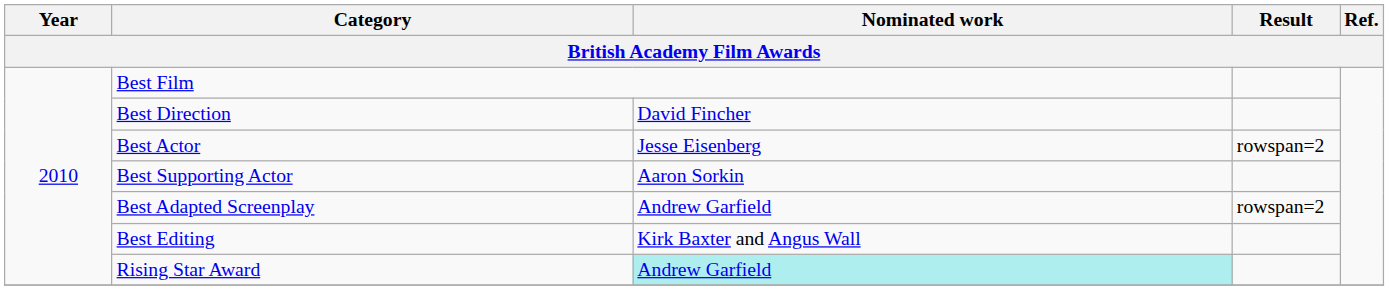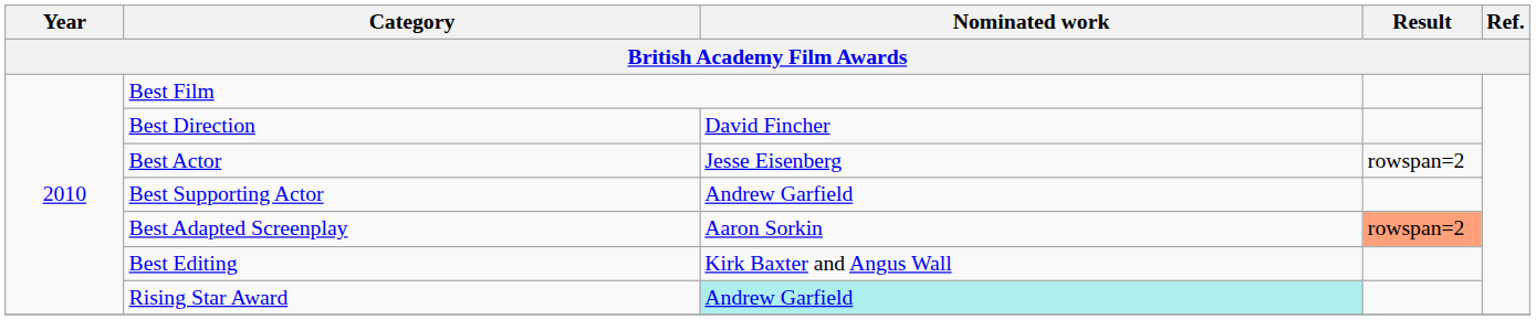 <table class=wikitable>
 <tr>
 <th scope="col" style="width:5em;">Year</th>
 <th scope="col" style="width:26em;">Category</th>
 <th scope="col" style="width:30em;">Nominated work</th>
 <th scope="col" style="width:5em;">Result</th>
 <th>Ref.</th>
 </tr>
 <tr>
 <th colspan=5><a href='#'>British Academy Film Awards</a></th>
 </tr>
 <tr>
 <td rowspan="7" style="text-align:center;"><a href='#'>2010</a></td>
 <td colspan=2><a href='#'>Best Film</a></td>
 <td></td>
 <td rowspan=7></td>
 </tr>
 <tr>
 <td><a href='#'>Best Direction</a></td>
 <td><a href='#'>David Fincher</a></td>
 <td></td>
 </tr>
 <tr>
 <td><a href='#'>Best Actor</a></td>
 <td><a href='#'>Jesse Eisenberg</a></td>
 <td>rowspan=2 </td>
 </tr>
 <tr>
 <td><a href='#'>Best Supporting Actor</a></td>
-<td><a href='#'>Aaron Sorkin</a></td>
+<td><a href='#'>Andrew Garfield</a></td>
 </tr>
 <tr>
 <td><a href='#'>Best Adapted Screenplay</a></td>
-<td><a href='#'>Andrew Garfield</a></td>
-<td>rowspan=2 </td>
+<td><a href='#'>Aaron Sorkin</a></td>
+<td style="background: lightsalmon;">rowspan=2 </td>
 </tr>
 <tr>
 <td><a href='#'>Best Editing</a></td>
 <td><a href='#'>Kirk Baxter</a> and <a href='#'>Angus Wall</a></td>
 </tr>
 <tr>
 <td><a href='#'>Rising Star Award</a></td>
 <td style="background: paleturquoise;"><a href='#'>Andrew Garfield</a></td>
 <td></td>
 </tr>
 <tr>
 </tr>
 </table>
